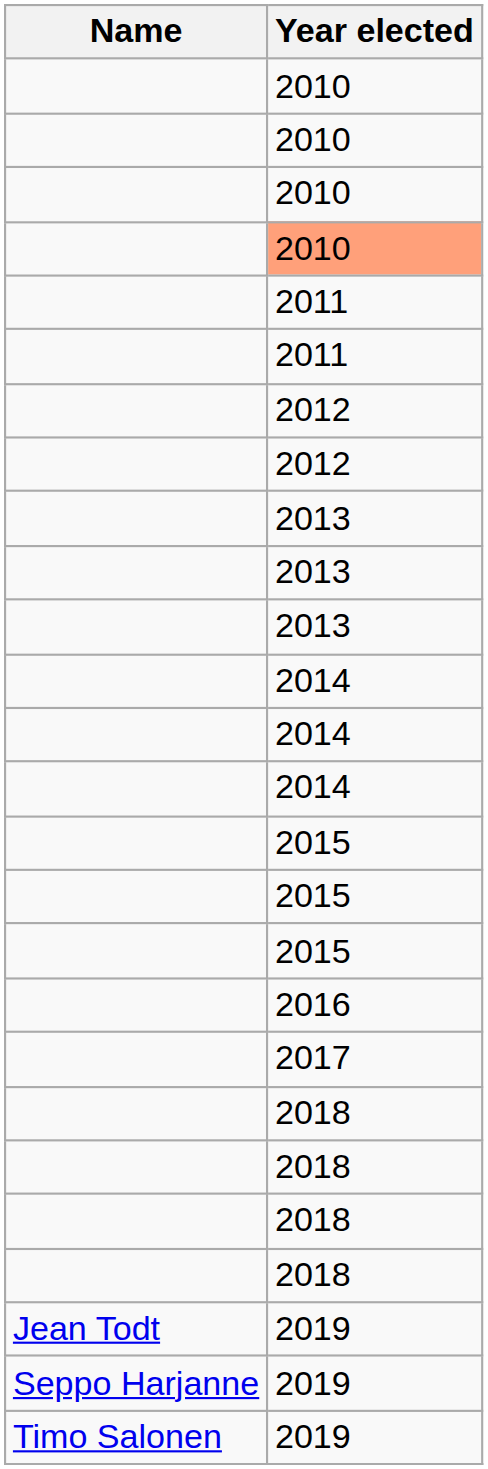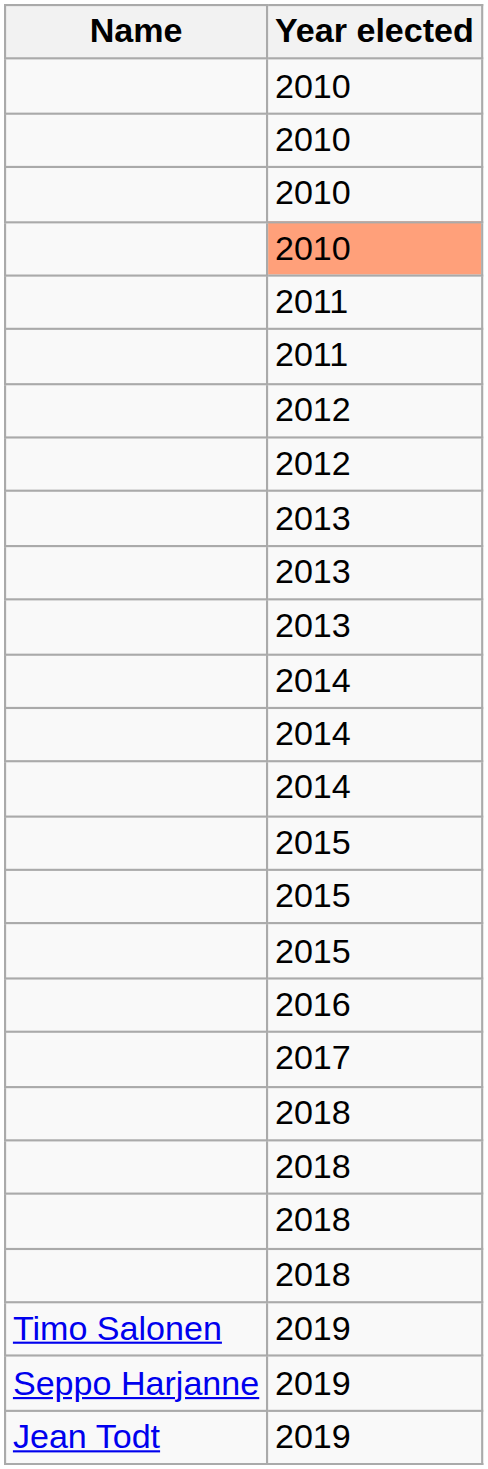 <table class="wikitable sortable">
 <tr>
 <th>Name</th>
 <th>Year elected</th>
 </tr>
 <tr>
 <td> </td>
 <td>2010</td>
 </tr>
 <tr>
 <td> </td>
 <td>2010</td>
 </tr>
 <tr>
 <td> </td>
 <td>2010</td>
 </tr>
 <tr>
 <td> </td>
 <td style="background: lightsalmon;">2010</td>
 </tr>
 <tr>
 <td> </td>
 <td>2011</td>
 </tr>
 <tr>
 <td> </td>
 <td>2011</td>
 </tr>
 <tr>
 <td> </td>
 <td>2012</td>
 </tr>
 <tr>
 <td> </td>
 <td>2012</td>
 </tr>
 <tr>
 <td> </td>
 <td>2013</td>
 </tr>
 <tr>
 <td> </td>
 <td>2013</td>
 </tr>
 <tr>
 <td> </td>
 <td>2013</td>
 </tr>
 <tr>
 <td> </td>
 <td>2014</td>
 </tr>
 <tr>
 <td> </td>
 <td>2014</td>
 </tr>
 <tr>
 <td> </td>
 <td>2014</td>
 </tr>
 <tr>
 <td> </td>
 <td>2015</td>
 </tr>
 <tr>
 <td> </td>
 <td>2015</td>
 </tr>
 <tr>
 <td> </td>
 <td>2015</td>
 </tr>
 <tr>
 <td> </td>
 <td>2016</td>
 </tr>
 <tr>
 <td> </td>
 <td>2017</td>
 </tr>
 <tr>
 <td> </td>
 <td>2018</td>
 </tr>
 <tr>
 <td> </td>
 <td>2018</td>
 </tr>
 <tr>
 <td> </td>
 <td>2018</td>
 </tr>
 <tr>
 <td> </td>
 <td>2018</td>
 </tr>
 <tr>
-<td> <a href='#'>Jean Todt</a></td>
+<td> <a href='#'>Timo Salonen</a></td>
 <td>2019</td>
 </tr>
 <tr>
 <td> <a href='#'>Seppo Harjanne</a></td>
 <td>2019</td>
 </tr>
 <tr>
-<td> <a href='#'>Timo Salonen</a></td>
+<td> <a href='#'>Jean Todt</a></td>
 <td>2019</td>
 </tr>
 <tr>
 </tr>
 </table>
